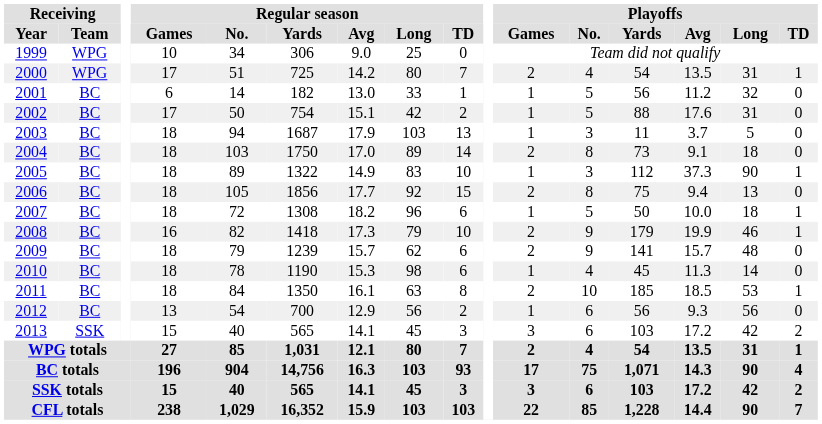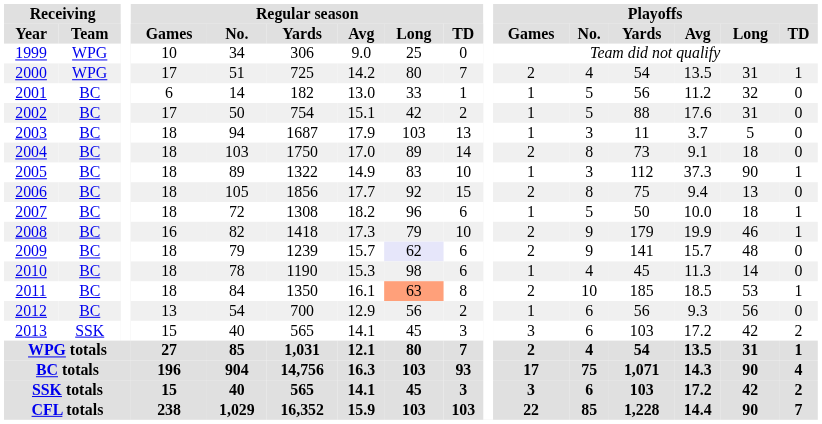 <table BORDER="0" CELLPADDING="1" CELLSPACING="0" width="65%" style="text-align:center">
 <tr bgcolor="#e0e0e0">
 <th colspan="2">Receiving</th>
 <th rowspan="99" bgcolor="#ffffff"> </th>
 <th colspan="6">Regular season</th>
 <th rowspan="99" bgcolor="#ffffff"> </th>
 <th colspan="6">Playoffs</th>
 </tr>
 <tr bgcolor="#e0e0e0">
 <th>Year</th>
 <th>Team</th>
 <th>Games</th>
 <th>No.</th>
 <th>Yards</th>
 <th>Avg</th>
 <th>Long</th>
 <th>TD</th>
 <th>Games</th>
 <th>No.</th>
 <th>Yards</th>
 <th>Avg</th>
 <th>Long</th>
 <th>TD</th>
 </tr>
 <tr ALIGN="center">
 <td><a href='#'>1999</a></td>
 <td><a href='#'>WPG</a></td>
 <td>10</td>
 <td>34</td>
 <td>306</td>
 <td>9.0</td>
 <td>25</td>
 <td>0</td>
 <td colspan="6"><em>Team did not qualify</em></td>
 </tr>
 <tr ALIGN="center" bgcolor="#f0f0f0">
 <td><a href='#'>2000</a></td>
 <td><a href='#'>WPG</a></td>
 <td>17</td>
 <td>51</td>
 <td>725</td>
 <td>14.2</td>
 <td>80</td>
 <td>7</td>
 <td>2</td>
 <td>4</td>
 <td>54</td>
 <td>13.5</td>
 <td>31</td>
 <td>1</td>
 </tr>
 <tr ALIGN="center">
 <td><a href='#'>2001</a></td>
 <td><a href='#'>BC</a></td>
 <td>6</td>
 <td>14</td>
 <td>182</td>
 <td>13.0</td>
 <td>33</td>
 <td>1</td>
 <td>1</td>
 <td>5</td>
 <td>56</td>
 <td>11.2</td>
 <td>32</td>
 <td>0</td>
 </tr>
 <tr ALIGN="center" bgcolor="#f0f0f0">
 <td><a href='#'>2002</a></td>
 <td><a href='#'>BC</a></td>
 <td>17</td>
 <td>50</td>
 <td>754</td>
 <td>15.1</td>
 <td>42</td>
 <td>2</td>
 <td>1</td>
 <td>5</td>
 <td>88</td>
 <td>17.6</td>
 <td>31</td>
 <td>0</td>
 </tr>
 <tr ALIGN="center">
 <td><a href='#'>2003</a></td>
 <td><a href='#'>BC</a></td>
 <td>18</td>
 <td>94</td>
 <td>1687</td>
 <td>17.9</td>
 <td>103</td>
 <td>13</td>
 <td>1</td>
 <td>3</td>
 <td>11</td>
 <td>3.7</td>
 <td>5</td>
 <td>0</td>
 </tr>
 <tr ALIGN="center" bgcolor="#f0f0f0">
 <td><a href='#'>2004</a></td>
 <td><a href='#'>BC</a></td>
 <td>18</td>
 <td>103</td>
 <td>1750</td>
 <td>17.0</td>
 <td>89</td>
 <td>14</td>
 <td>2</td>
 <td>8</td>
 <td>73</td>
 <td>9.1</td>
 <td>18</td>
 <td>0</td>
 </tr>
 <tr ALIGN="center">
 <td><a href='#'>2005</a></td>
 <td><a href='#'>BC</a></td>
 <td>18</td>
 <td>89</td>
 <td>1322</td>
 <td>14.9</td>
 <td>83</td>
 <td>10</td>
 <td>1</td>
 <td>3</td>
 <td>112</td>
 <td>37.3</td>
 <td>90</td>
 <td>1</td>
 </tr>
 <tr ALIGN="center" bgcolor="#f0f0f0">
 <td><a href='#'>2006</a></td>
 <td><a href='#'>BC</a></td>
 <td>18</td>
 <td>105</td>
 <td>1856</td>
 <td>17.7</td>
 <td>92</td>
 <td>15</td>
 <td>2</td>
 <td>8</td>
 <td>75</td>
 <td>9.4</td>
 <td>13</td>
 <td>0</td>
 </tr>
 <tr ALIGN="center">
 <td><a href='#'>2007</a></td>
 <td><a href='#'>BC</a></td>
 <td>18</td>
 <td>72</td>
 <td>1308</td>
 <td>18.2</td>
 <td>96</td>
 <td>6</td>
 <td>1</td>
 <td>5</td>
 <td>50</td>
 <td>10.0</td>
 <td>18</td>
 <td>1</td>
 </tr>
 <tr ALIGN="center" bgcolor="#f0f0f0">
 <td><a href='#'>2008</a></td>
 <td><a href='#'>BC</a></td>
 <td>16</td>
 <td>82</td>
 <td>1418</td>
 <td>17.3</td>
 <td>79</td>
 <td>10</td>
 <td>2</td>
 <td>9</td>
 <td>179</td>
 <td>19.9</td>
 <td>46</td>
 <td>1</td>
 </tr>
 <tr ALIGN="center">
 <td><a href='#'>2009</a></td>
 <td><a href='#'>BC</a></td>
 <td>18</td>
 <td>79</td>
 <td>1239</td>
 <td>15.7</td>
-<td>62</td>
+<td style="background: lavender;">62</td>
 <td>6</td>
 <td>2</td>
 <td>9</td>
 <td>141</td>
 <td>15.7</td>
 <td>48</td>
 <td>0</td>
 </tr>
 <tr ALIGN="center" bgcolor="#f0f0f0">
 <td><a href='#'>2010</a></td>
 <td><a href='#'>BC</a></td>
 <td>18</td>
 <td>78</td>
 <td>1190</td>
 <td>15.3</td>
 <td>98</td>
 <td>6</td>
 <td>1</td>
 <td>4</td>
 <td>45</td>
 <td>11.3</td>
 <td>14</td>
 <td>0</td>
 </tr>
 <tr ALIGN="center">
 <td><a href='#'>2011</a></td>
 <td><a href='#'>BC</a></td>
 <td>18</td>
 <td>84</td>
 <td>1350</td>
 <td>16.1</td>
-<td>63</td>
+<td style="background: lightsalmon;">63</td>
 <td>8</td>
 <td>2</td>
 <td>10</td>
 <td>185</td>
 <td>18.5</td>
 <td>53</td>
 <td>1</td>
 </tr>
 <tr ALIGN="center" bgcolor="#f0f0f0">
 <td><a href='#'>2012</a></td>
 <td><a href='#'>BC</a></td>
 <td>13</td>
 <td>54</td>
 <td>700</td>
 <td>12.9</td>
 <td>56</td>
 <td>2</td>
 <td>1</td>
 <td>6</td>
 <td>56</td>
 <td>9.3</td>
 <td>56</td>
 <td>0</td>
 </tr>
 <tr ALIGN="center">
 <td><a href='#'>2013</a></td>
 <td><a href='#'>SSK</a></td>
 <td>15</td>
 <td>40</td>
 <td>565</td>
 <td>14.1</td>
 <td>45</td>
 <td>3</td>
 <td>3</td>
 <td>6</td>
 <td>103</td>
 <td>17.2</td>
 <td>42</td>
 <td>2</td>
 </tr>
 <tr bgcolor="#e0e0e0">
 <th colspan="3"><a href='#'>WPG</a> totals</th>
 <th>27</th>
 <th>85</th>
 <th>1,031</th>
 <th>12.1</th>
 <th>80</th>
 <th>7</th>
 <th>2</th>
 <th>4</th>
 <th>54</th>
 <th>13.5</th>
 <th>31</th>
 <th>1</th>
 </tr>
 <tr bgcolor="#e0e0e0">
 <th colspan="3"><a href='#'>BC</a> totals</th>
 <th>196</th>
 <th>904</th>
 <th>14,756</th>
 <th>16.3</th>
 <th>103</th>
 <th>93</th>
 <th>17</th>
 <th>75</th>
 <th>1,071</th>
 <th>14.3</th>
 <th>90</th>
 <th>4</th>
 </tr>
 <tr bgcolor="#e0e0e0">
 <th colspan="3"><a href='#'>SSK</a> totals</th>
 <th>15</th>
 <th>40</th>
 <th>565</th>
 <th>14.1</th>
 <th>45</th>
 <th>3</th>
 <th>3</th>
 <th>6</th>
 <th>103</th>
 <th>17.2</th>
 <th>42</th>
 <th>2</th>
 </tr>
 <tr bgcolor="#e0e0e0">
 <th colspan="3"><a href='#'>CFL</a> totals</th>
 <th>238</th>
 <th>1,029</th>
 <th>16,352</th>
 <th>15.9</th>
 <th>103</th>
 <th>103</th>
 <th>22</th>
 <th>85</th>
 <th>1,228</th>
 <th>14.4</th>
 <th>90</th>
 <th>7</th>
 </tr>
 </table>
